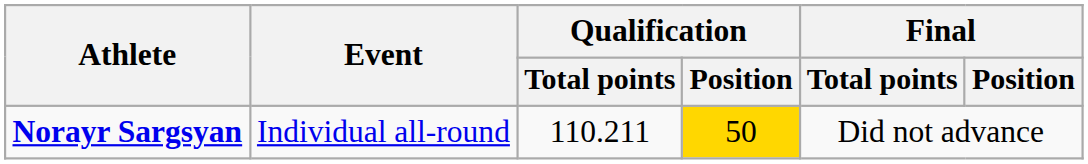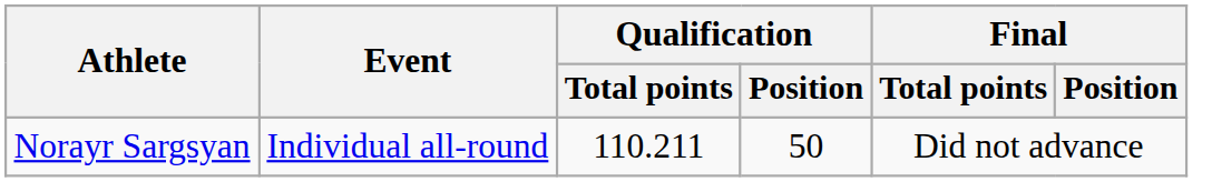 <table class=wikitable style="font-size:90%">
 <tr>
 <th rowspan="2">Athlete</th>
 <th rowspan="2">Event</th>
 <th colspan="2">Qualification</th>
 <th colspan="2">Final</th>
 </tr>
 <tr style="font-size:95%">
 <th>Total points</th>
 <th>Position</th>
 <th>Total points</th>
 <th>Position</th>
 </tr>
 <tr align=center>
-<td align=left><strong><a href='#'>Norayr Sargsyan</a></strong></td>
+<td align=left><a href='#'>Norayr Sargsyan</a></td>
 <td align=left><a href='#'>Individual all-round</a></td>
 <td>110.211</td>
-<td style="background: gold;">50</td>
+<td>50</td>
 <td colspan=2>Did not advance</td>
 </tr>
 </table>
